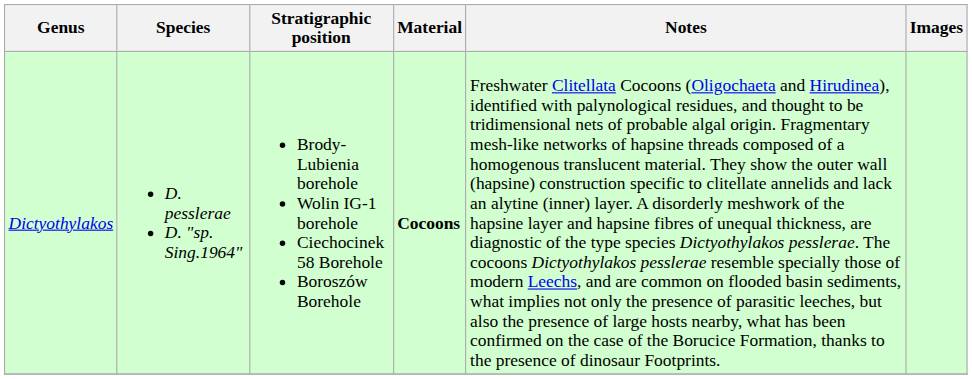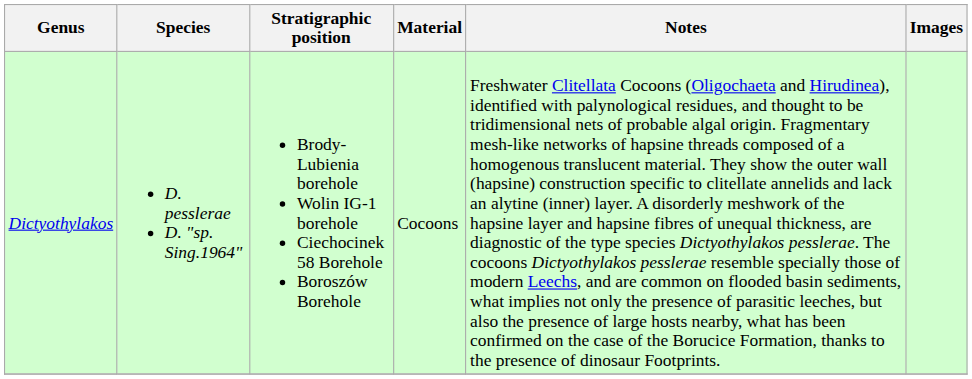 <table class ="wikitable" align="center" width="100%">
 <tr>
 <th>Genus</th>
 <th>Species</th>
 <th>Stratigraphic position</th>
 <th>Material</th>
 <th>Notes</th>
 <th>Images</th>
 </tr>
 <tr>
 <td style="background:#D1FFCF;"><br><em><a href='#'>Dictyothylakos</a></em></td>
 <td style="background:#D1FFCF;"><br><ul><li><em>D. pesslerae</em></li><li><em>D. "sp. Sing.1964"</em></li></ul></td>
 <td style="background:#D1FFCF;"><br><ul><li>Brody-Lubienia borehole</li><li>Wolin IG-1 borehole</li><li>Ciechocinek 58 Borehole</li><li>Boroszów Borehole</li></ul></td>
-<td style="background:#D1FFCF;"><strong><br>Cocoons</strong></td>
+<td style="background:#D1FFCF;"><br>Cocoons</td>
 <td style="background:#D1FFCF;"><br>Freshwater <a href='#'>Clitellata</a> Cocoons (<a href='#'>Oligochaeta</a> and <a href='#'>Hirudinea</a>), identified with palynological residues, and thought to be tridimensional nets of probable algal origin. Fragmentary mesh-like networks of hapsine threads composed of a homogenous translucent material. They show the outer wall (hapsine) construction specific to clitellate annelids and lack an alytine (inner) layer. A disorderly meshwork of the hapsine layer and hapsine fibres of unequal thickness, are diagnostic of the type species <em>Dictyothylakos pesslerae</em>. The cocoons <em>Dictyothylakos pesslerae</em> resemble specially those of modern <a href='#'>Leechs</a>, and are common on flooded basin sediments, what implies not only the presence of parasitic leeches, but also the presence of large hosts nearby, what has been confirmed on the case of the Borucice Formation, thanks to the presence of dinosaur Footprints.</td>
 <td style="background:#D1FFCF;"><br> </td>
 </tr>
 <tr>
 </tr>
 </table>
